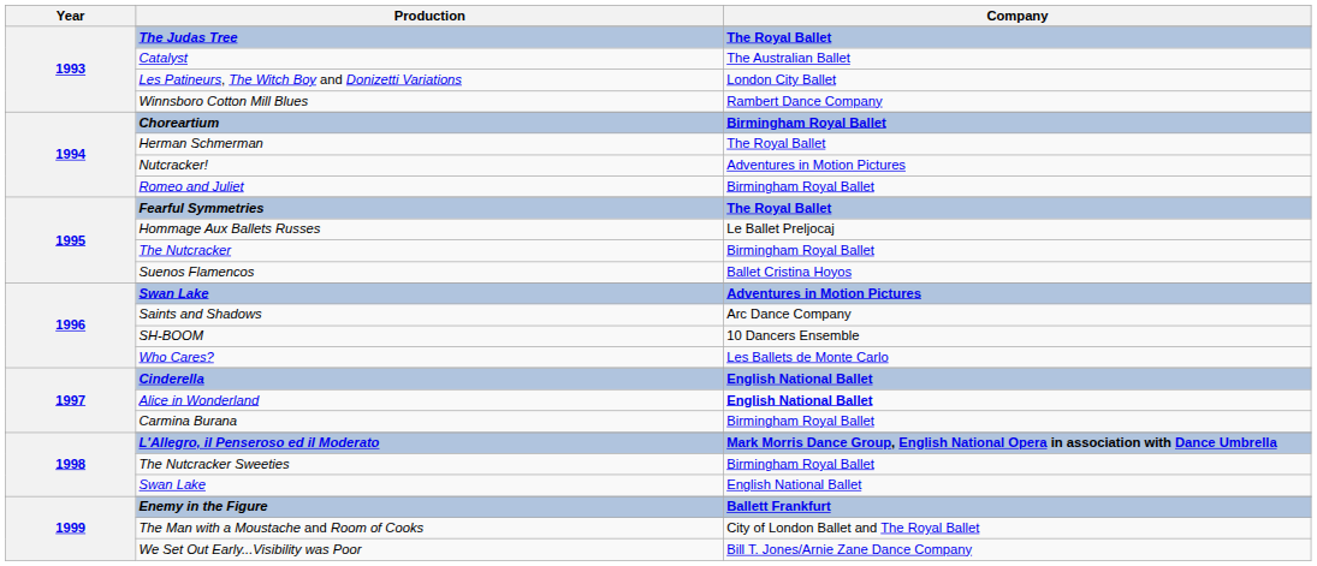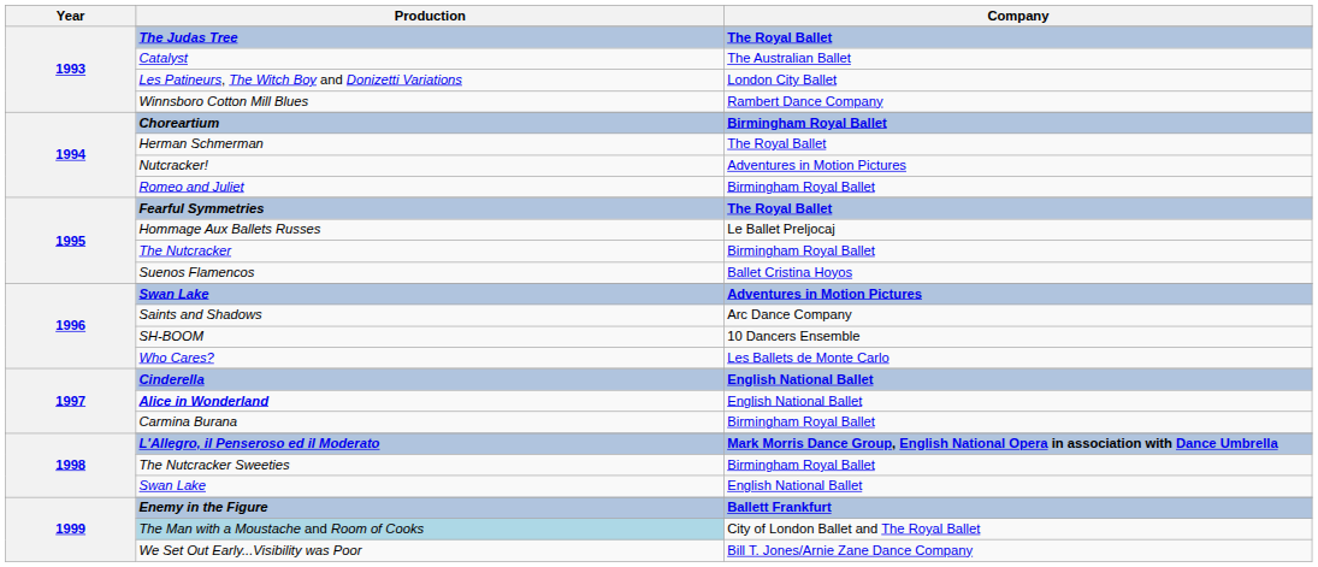 <table class="wikitable" style="width:98%;">
 <tr style="background:#bebebe;">
 <th style="width:10%;">Year</th>
 <th style="width:45%;">Production</th>
 <th style="width:45%;">Company</th>
 </tr>
 <tr>
 <th rowspan="5" align="center"><a href='#'>1993</a></th>
 </tr>
 <tr style="background:#B0C4DE">
 <td><strong><em><a href='#'>The Judas Tree</a></em></strong></td>
 <td><strong><a href='#'>The Royal Ballet</a></strong></td>
 </tr>
 <tr>
 <td><em><a href='#'>Catalyst</a></em></td>
 <td><a href='#'>The Australian Ballet</a></td>
 </tr>
 <tr>
 <td><em><a href='#'>Les Patineurs</a></em>, <em><a href='#'>The Witch Boy</a></em> and <em><a href='#'>Donizetti Variations</a></em></td>
 <td><a href='#'>London City Ballet</a></td>
 </tr>
 <tr>
 <td><em>Winnsboro Cotton Mill Blues</em></td>
 <td><a href='#'>Rambert Dance Company</a></td>
 </tr>
 <tr>
 <th rowspan="5" align="center"><a href='#'>1994</a></th>
 </tr>
 <tr style="background:#B0C4DE">
 <td><strong><em>Choreartium</em></strong></td>
 <td><strong><a href='#'>Birmingham Royal Ballet</a></strong></td>
 </tr>
 <tr>
 <td><em>Herman Schmerman</em></td>
 <td><a href='#'>The Royal Ballet</a></td>
 </tr>
 <tr>
 <td><em>Nutcracker!</em></td>
 <td><a href='#'>Adventures in Motion Pictures</a></td>
 </tr>
 <tr>
 <td><em><a href='#'>Romeo and Juliet</a></em></td>
 <td><a href='#'>Birmingham Royal Ballet</a></td>
 </tr>
 <tr>
 <th rowspan="5" align="center"><a href='#'>1995</a></th>
 </tr>
 <tr style="background:#B0C4DE">
 <td><strong><em>Fearful Symmetries</em></strong></td>
 <td><strong><a href='#'>The Royal Ballet</a></strong></td>
 </tr>
 <tr>
 <td><em>Hommage Aux Ballets Russes</em></td>
 <td>Le Ballet Preljocaj</td>
 </tr>
 <tr>
 <td><em><a href='#'>The Nutcracker</a></em></td>
 <td><a href='#'>Birmingham Royal Ballet</a></td>
 </tr>
 <tr>
 <td><em>Suenos Flamencos</em></td>
 <td><a href='#'>Ballet Cristina Hoyos</a></td>
 </tr>
 <tr>
 <th rowspan="5" align="center"><a href='#'>1996</a></th>
 </tr>
 <tr style="background:#B0C4DE">
 <td><strong><em><a href='#'>Swan Lake</a></em></strong></td>
 <td><strong><a href='#'>Adventures in Motion Pictures</a></strong></td>
 </tr>
 <tr>
 <td><em>Saints and Shadows</em></td>
 <td>Arc Dance Company</td>
 </tr>
 <tr>
 <td><em>SH-BOOM</em></td>
 <td>10 Dancers Ensemble</td>
 </tr>
 <tr>
 <td><em><a href='#'>Who Cares?</a></em></td>
 <td><a href='#'>Les Ballets de Monte Carlo</a></td>
 </tr>
 <tr>
 <th rowspan="4" align="center"><a href='#'>1997</a></th>
 </tr>
 <tr style="background:#B0C4DE">
 <td><strong><em><a href='#'>Cinderella</a></em></strong></td>
 <td><strong><a href='#'>English National Ballet</a></strong></td>
 </tr>
 <tr>
-<td><em><a href='#'>Alice in Wonderland</a></em></td>
-<td><strong><a href='#'>English National Ballet</a></strong></td>
+<td><strong><em><a href='#'>Alice in Wonderland</a></em></strong></td>
+<td><a href='#'>English National Ballet</a></td>
 </tr>
 <tr>
 <td><em>Carmina Burana</em></td>
 <td><a href='#'>Birmingham Royal Ballet</a></td>
 </tr>
 <tr>
 <th rowspan="4" align="center"><a href='#'>1998</a></th>
 </tr>
 <tr style="background:#B0C4DE">
 <td><strong><em><a href='#'>L'Allegro, il Penseroso ed il Moderato</a></em></strong></td>
 <td><strong><a href='#'>Mark Morris Dance Group</a>, <a href='#'>English National Opera</a> in association with <a href='#'>Dance Umbrella</a></strong></td>
 </tr>
 <tr>
 <td><em>The Nutcracker Sweeties</em></td>
 <td><a href='#'>Birmingham Royal Ballet</a></td>
 </tr>
 <tr>
 <td><em><a href='#'>Swan Lake</a></em></td>
 <td><a href='#'>English National Ballet</a></td>
 </tr>
 <tr>
 <th rowspan="4" align="center"><a href='#'>1999</a></th>
 </tr>
 <tr style="background:#B0C4DE">
 <td><strong><em>Enemy in the Figure</em></strong></td>
 <td><strong><a href='#'>Ballett Frankfurt</a></strong></td>
 </tr>
 <tr>
-<td><em>The Man with a Moustache</em> and <em>Room of Cooks</em></td>
+<td style="background: lightblue;"><em>The Man with a Moustache</em> and <em>Room of Cooks</em></td>
 <td>City of London Ballet and <a href='#'>The Royal Ballet</a></td>
 </tr>
 <tr>
 <td><em>We Set Out Early...Visibility was Poor</em></td>
 <td><a href='#'>Bill T. Jones/Arnie Zane Dance Company</a></td>
 </tr>
 </table>
